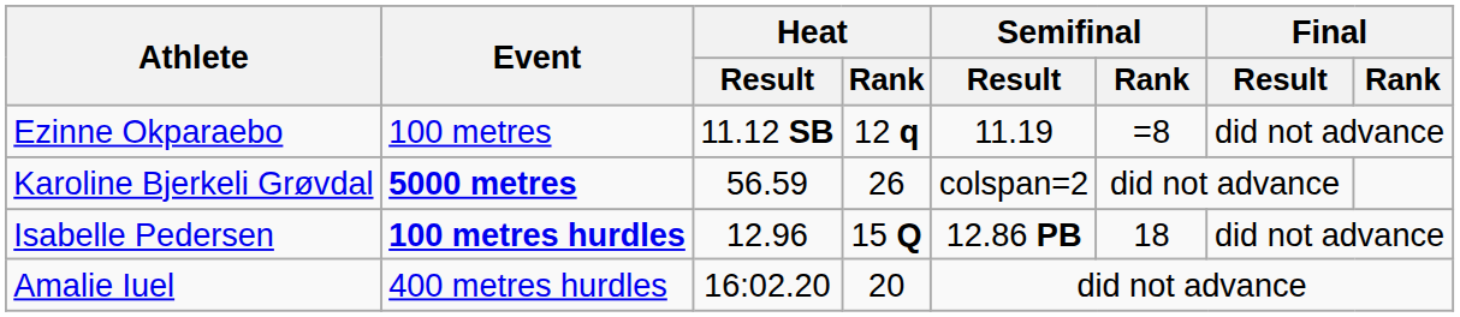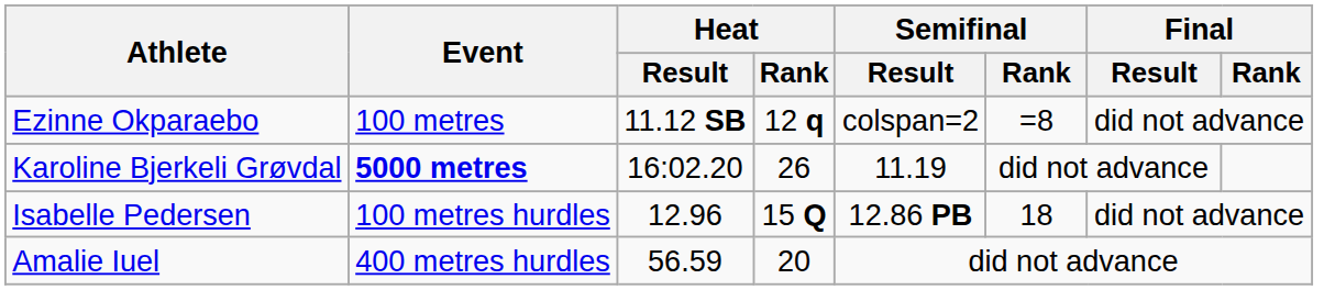 <table class="wikitable" style="font-size:90%">
 <tr>
 <th rowspan="2">Athlete</th>
 <th rowspan="2">Event</th>
 <th colspan="2">Heat</th>
 <th colspan="2">Semifinal</th>
 <th colspan="2">Final</th>
 </tr>
 <tr style="font-size:95%">
 <th>Result</th>
 <th>Rank</th>
 <th>Result</th>
 <th>Rank</th>
 <th>Result</th>
 <th>Rank</th>
 </tr>
 <tr style=text-align:center>
 <td style=text-align:left><a href='#'>Ezinne Okparaebo</a></td>
 <td style=text-align:left><a href='#'>100 metres</a></td>
 <td>11.12 <strong>SB</strong></td>
 <td>12 <strong>q</strong></td>
-<td>11.19</td>
+<td>colspan=2 </td>
 <td>=8</td>
 <td colspan="2">did not advance</td>
 </tr>
 <tr style=text-align:center>
 <td style=text-align:left><a href='#'>Karoline Bjerkeli Grøvdal</a></td>
 <td style=text-align:left><strong><a href='#'>5000 metres</a></strong></td>
-<td>56.59</td>
+<td>16:02.20</td>
 <td>26</td>
-<td>colspan=2 </td>
+<td>11.19</td>
 <td colspan="2">did not advance</td>
 </tr>
 <tr style=text-align:center>
 <td style=text-align:left><a href='#'>Isabelle Pedersen</a></td>
-<td style=text-align:left><strong><a href='#'>100 metres hurdles</a></strong></td>
+<td style=text-align:left><a href='#'>100 metres hurdles</a></td>
 <td>12.96</td>
 <td>15 <strong>Q</strong></td>
 <td>12.86 <strong>PB</strong></td>
 <td>18</td>
 <td colspan="2">did not advance</td>
 </tr>
 <tr style=text-align:center>
 <td style=text-align:left><a href='#'>Amalie Iuel</a></td>
 <td style=text-align:left><a href='#'>400 metres hurdles</a></td>
-<td>16:02.20</td>
+<td>56.59</td>
 <td>20</td>
 <td colspan="4">did not advance</td>
 </tr>
 </table>
